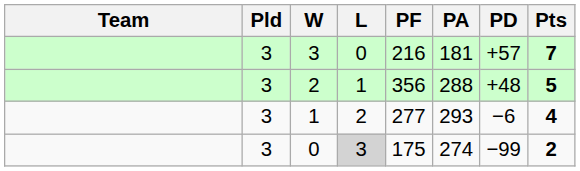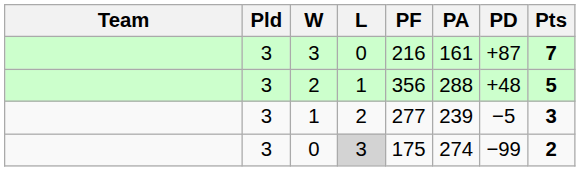 <table class=wikitable style="text-align:center">
 <tr>
 <th width=180>Team</th>
 <th width=30>Pld</th>
 <th width=30>W</th>
 <th width=30>L</th>
 <th width=30>PF</th>
 <th width=30>PA</th>
 <th width=30>PD</th>
 <th width=30>Pts</th>
 </tr>
 <tr bgcolor="#ccffcc">
 <td align="left"></td>
 <td>3</td>
 <td>3</td>
 <td>0</td>
 <td>216</td>
-<td>181</td>
-<td>+57</td>
+<td>161</td>
+<td>+87</td>
 <td><strong>7</strong></td>
 </tr>
 <tr bgcolor="#ccffcc">
 <td align="left"></td>
 <td>3</td>
 <td>2</td>
 <td>1</td>
 <td>356</td>
 <td>288</td>
 <td>+48</td>
 <td><strong>5</strong></td>
 </tr>
 <tr>
 <td align="left"></td>
 <td>3</td>
 <td>1</td>
 <td>2</td>
 <td>277</td>
-<td>293</td>
-<td>−6</td>
-<td><strong>4</strong></td>
+<td>239</td>
+<td>−5</td>
+<td><strong>3</strong></td>
 </tr>
 <tr>
 <td align="left"></td>
 <td>3</td>
 <td>0</td>
 <td style="background: lightgrey;">3</td>
 <td>175</td>
 <td>274</td>
 <td>−99</td>
 <td><strong>2</strong></td>
 </tr>
 </table>
